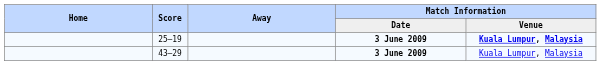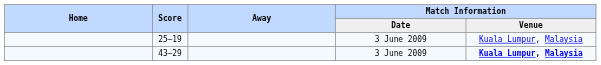 <table border=1 style="border-collapse:collapse; font-size:90%; text-align:center;" cellpadding=3 cellspacing=0 width=100%>
 <tr bgcolor=#C1D8FF>
 <th rowspan=2 width=25%>Home</th>
 <th rowspan=2 width=6%>Score</th>
 <th rowspan=2 width=25%>Away</th>
 <th colspan=6>Match Information</th>
 </tr>
 <tr bgcolor=#EFEFEF>
 <th width=22%>Date</th>
 <th width=22%>Venue</th>
 </tr>
 <tr bgcolor=#F5FAFF>
 <td align=right><strong></strong></td>
 <td>25–19</td>
 <td align=left></td>
-<td><strong>3 June 2009</strong></td>
-<td><strong><a href='#'>Kuala Lumpur</a>, <a href='#'>Malaysia</a></strong></td>
+<td>3 June 2009</td>
+<td><a href='#'>Kuala Lumpur</a>, <a href='#'>Malaysia</a></td>
 </tr>
 <tr bgcolor=#F5FAFF>
 <td align=right><strong></strong></td>
 <td>43–29</td>
 <td align=left></td>
-<td><strong>3 June 2009</strong></td>
-<td><a href='#'>Kuala Lumpur</a>, <a href='#'>Malaysia</a></td>
+<td>3 June 2009</td>
+<td><strong><a href='#'>Kuala Lumpur</a>, <a href='#'>Malaysia</a></strong></td>
 </tr>
 </table>
